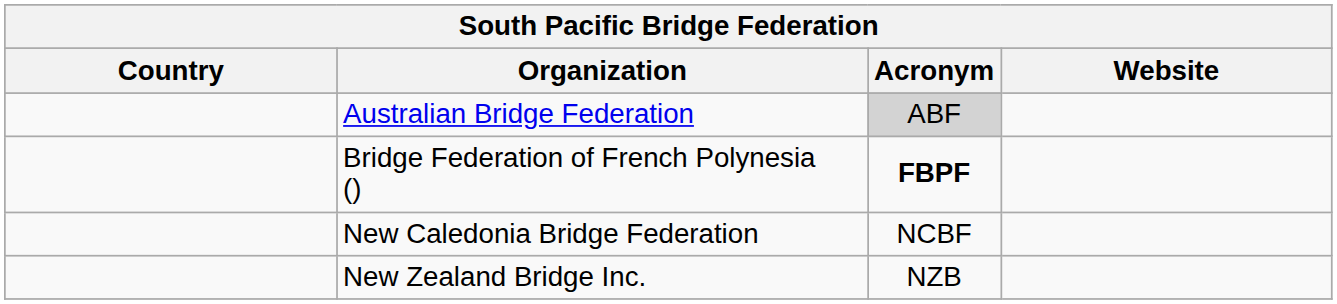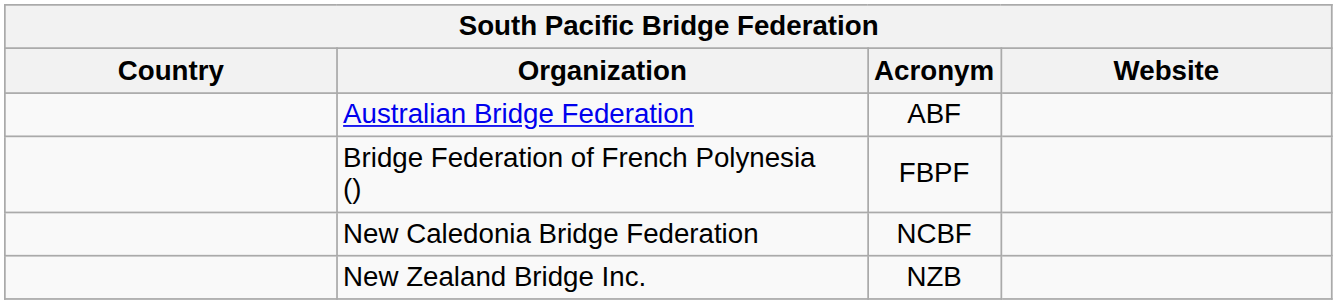 <table class="wikitable">
 <tr>
 <th colspan=5>South Pacific Bridge Federation</th>
 </tr>
 <tr>
 <th width="25%">Country</th>
 <th width="40%">Organization</th>
 <th width="10%">Acronym</th>
 <th width="25%">Website</th>
 </tr>
 <tr>
 <td></td>
 <td><a href='#'>Australian Bridge Federation</a></td>
-<td align=center style="background: lightgrey;">ABF</td>
+<td align=center>ABF</td>
 <td></td>
 </tr>
 <tr>
 <td></td>
 <td>Bridge Federation of French Polynesia<br>()</td>
-<td align=center><strong>FBPF</strong></td>
+<td align=center>FBPF</td>
 <td></td>
 </tr>
 <tr>
 <td></td>
 <td>New Caledonia Bridge Federation</td>
 <td align=center>NCBF</td>
 <td></td>
 </tr>
 <tr>
 <td></td>
 <td>New Zealand Bridge Inc.</td>
 <td align=center>NZB</td>
 <td></td>
 </tr>
 </table>
